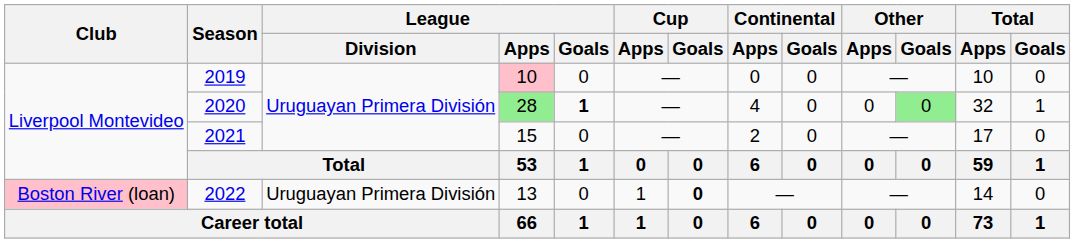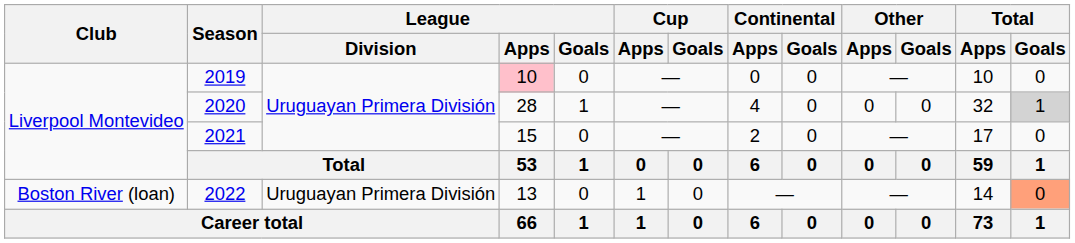 <table class="wikitable" Style="text-align: center">
 <tr>
 <th rowspan="2">Club</th>
 <th rowspan="2">Season</th>
 <th colspan="3">League</th>
 <th colspan="2">Cup</th>
 <th colspan="2">Continental</th>
 <th colspan="2">Other</th>
 <th colspan="2">Total</th>
 </tr>
 <tr>
 <th>Division</th>
 <th>Apps</th>
 <th>Goals</th>
 <th>Apps</th>
 <th>Goals</th>
 <th>Apps</th>
 <th>Goals</th>
 <th>Apps</th>
 <th>Goals</th>
 <th>Apps</th>
 <th>Goals</th>
 </tr>
 <tr>
 <td rowspan="4"><a href='#'>Liverpool Montevideo</a></td>
 <td><a href='#'>2019</a></td>
 <td rowspan="3"><a href='#'>Uruguayan Primera División</a></td>
 <td style="background: pink;">10</td>
 <td>0</td>
 <td colspan="2">—</td>
 <td>0</td>
 <td>0</td>
 <td colspan="2">—</td>
 <td>10</td>
 <td>0</td>
 </tr>
 <tr>
 <td><a href='#'>2020</a></td>
-<td style="background: lightgreen;">28</td>
-<td><strong>1</strong></td>
+<td>28</td>
+<td>1</td>
 <td colspan="2">—</td>
 <td>4</td>
 <td>0</td>
 <td>0</td>
-<td style="background: lightgreen;">0</td>
+<td>0</td>
 <td>32</td>
-<td>1</td>
+<td style="background: lightgrey;">1</td>
 </tr>
 <tr>
 <td><a href='#'>2021</a></td>
 <td>15</td>
 <td>0</td>
 <td colspan="2">—</td>
 <td>2</td>
 <td>0</td>
 <td colspan="2">—</td>
 <td>17</td>
 <td>0</td>
 </tr>
 <tr>
 <th colspan="2">Total</th>
 <th>53</th>
 <th>1</th>
 <th>0</th>
 <th>0</th>
 <th>6</th>
 <th>0</th>
 <th>0</th>
 <th>0</th>
 <th>59</th>
 <th>1</th>
 </tr>
 <tr>
-<td style="background: pink;"><a href='#'>Boston River</a> (loan)</td>
+<td><a href='#'>Boston River</a> (loan)</td>
 <td><a href='#'>2022</a></td>
 <td>Uruguayan Primera División</td>
 <td>13</td>
 <td>0</td>
 <td>1</td>
-<td><strong>0</strong></td>
+<td>0</td>
 <td colspan="2">—</td>
 <td colspan="2">—</td>
 <td>14</td>
-<td>0</td>
+<td style="background: lightsalmon;">0</td>
 </tr>
 <tr>
 <th colspan="3">Career total</th>
 <th>66</th>
 <th>1</th>
 <th>1</th>
 <th>0</th>
 <th>6</th>
 <th>0</th>
 <th>0</th>
 <th>0</th>
 <th>73</th>
 <th>1</th>
 </tr>
 </table>
